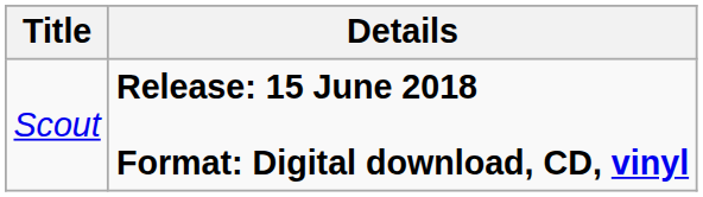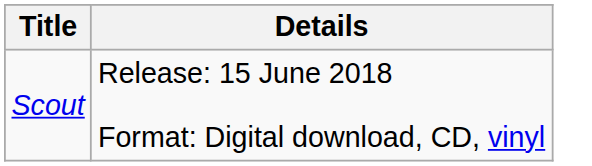 <table class="wikitable">
 <tr>
 <th>Title</th>
 <th>Details</th>
 </tr>
 <tr>
 <td><em><a href='#'>Scout</a></em></td>
-<td><strong>Release: 15 June 2018<br><br> Format: Digital download, CD, <a href='#'>vinyl</a></strong></td>
+<td>Release: 15 June 2018<br><br> Format: Digital download, CD, <a href='#'>vinyl</a></td>
 </tr>
 </table>
